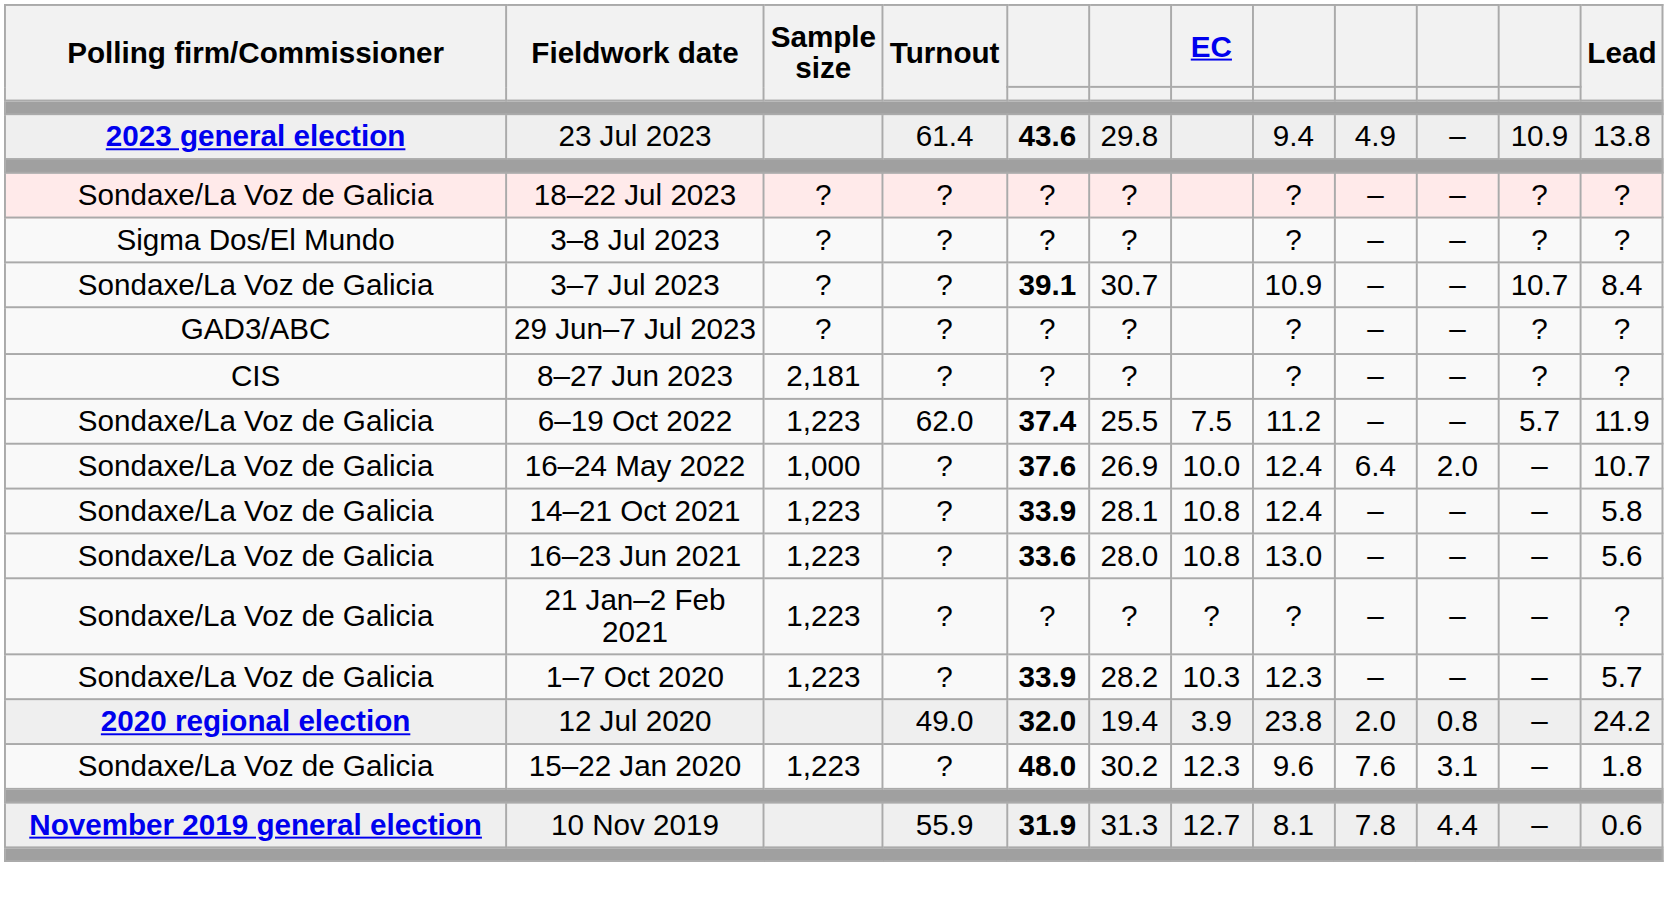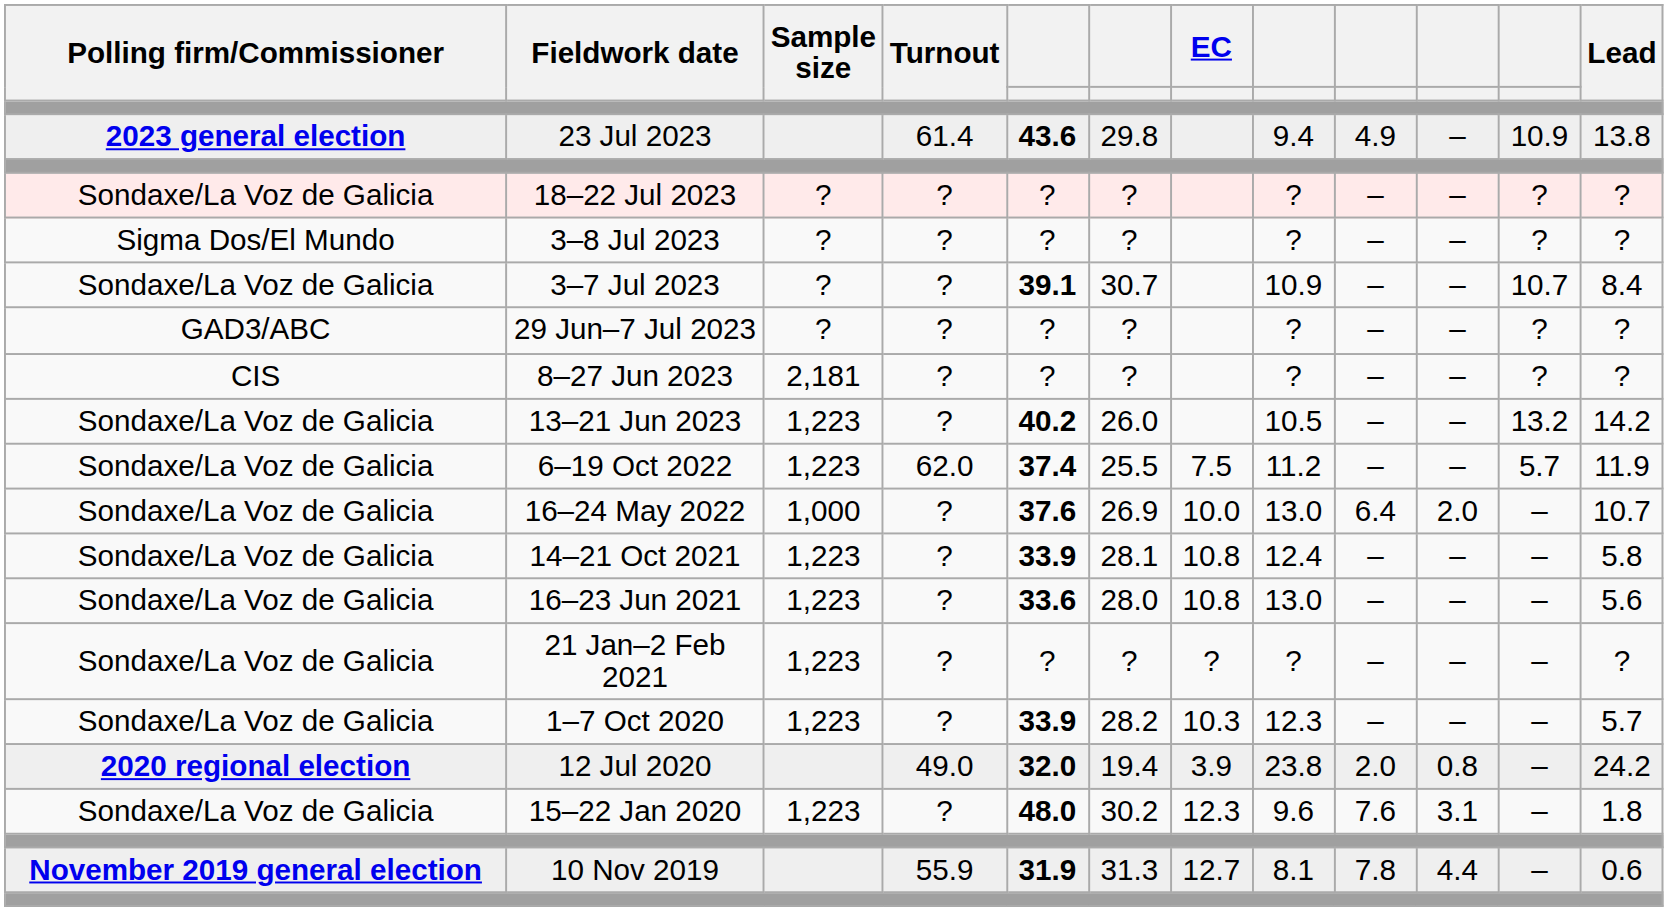 <table class="wikitable collapsible collapsed" style="text-align:center; font-size:95%; line-height:16px;">
 <tr style="height:42px;">
 <th style="width:250px;" rowspan="2">Polling firm/Commissioner</th>
 <th style="width:125px;" rowspan="2">Fieldwork date</th>
 <th style="width:50px;" rowspan="2">Sample size</th>
 <th style="width:45px;" rowspan="2">Turnout</th>
 <th style="width:35px;"></th>
 <th style="width:35px;"></th>
 <th style="width:35px;"><a href='#'>EC</a></th>
 <th style="width:35px;"></th>
 <th style="width:35px;"></th>
 <th style="width:35px;"></th>
 <th style="width:35px;"></th>
 <th style="width:30px;" rowspan="2">Lead</th>
 </tr>
 <tr>
 <th style="color:inherit;background:"></th>
 <th style="color:inherit;background:"></th>
 <th style="color:inherit;background:"></th>
 <th style="color:inherit;background:"></th>
 <th style="color:inherit;background:"></th>
 <th style="color:inherit;background:"></th>
 <th style="color:inherit;background:"></th>
 </tr>
 <tr>
 <td colspan="12" style="background:#A0A0A0"></td>
 </tr>
 <tr style="background:#EFEFEF;">
 <td><strong><a href='#'>2023 general election</a></strong></td>
 <td>23 Jul 2023</td>
 <td></td>
 <td>61.4</td>
 <td><strong>43.6</strong><br></td>
 <td>29.8<br></td>
 <td></td>
 <td>9.4<br></td>
 <td>4.9<br></td>
 <td>–</td>
 <td>10.9<br></td>
 <td style="background:">13.8</td>
 </tr>
 <tr>
 <td colspan="12" style="background:#A0A0A0"></td>
 </tr>
 <tr style="background:#FFEAEA;">
 <td>Sondaxe/La Voz de Galicia</td>
 <td>18–22 Jul 2023</td>
 <td>?</td>
 <td>?</td>
 <td>?<br></td>
 <td>?<br></td>
 <td></td>
 <td>?<br></td>
 <td>–</td>
 <td>–</td>
 <td>?<br></td>
 <td style="background:">?</td>
 </tr>
 <tr>
 <td>Sigma Dos/El Mundo</td>
 <td>3–8 Jul 2023</td>
 <td>?</td>
 <td>?</td>
 <td>?<br></td>
 <td>?<br></td>
 <td></td>
 <td>?<br></td>
 <td>–</td>
 <td>–</td>
 <td>?<br></td>
 <td style="background:">?</td>
 </tr>
 <tr>
 <td>Sondaxe/La Voz de Galicia</td>
 <td>3–7 Jul 2023</td>
 <td>?</td>
 <td>?</td>
 <td><strong>39.1</strong><br></td>
 <td>30.7<br></td>
 <td></td>
 <td>10.9<br></td>
 <td>–</td>
 <td>–</td>
 <td>10.7<br></td>
 <td style="background:">8.4</td>
 </tr>
 <tr>
 <td>GAD3/ABC</td>
 <td>29 Jun–7 Jul 2023</td>
 <td>?</td>
 <td>?</td>
 <td>?<br></td>
 <td>?<br></td>
 <td></td>
 <td>?<br></td>
 <td>–</td>
 <td>–</td>
 <td>?<br></td>
 <td style="background:">?</td>
 </tr>
 <tr>
 <td>CIS</td>
 <td>8–27 Jun 2023</td>
 <td>2,181</td>
 <td>?</td>
 <td>?<br></td>
 <td>?<br></td>
 <td></td>
 <td>?<br></td>
 <td>–</td>
 <td>–</td>
 <td>?<br></td>
 <td style="background:">?</td>
 </tr>
 <tr>
 <td>Sondaxe/La Voz de Galicia</td>
+<td>13–21 Jun 2023</td>
+<td>1,223</td>
+<td>?</td>
+<td><strong>40.2</strong><br></td>
+<td>26.0<br></td>
+<td></td>
+<td>10.5<br></td>
+<td>–</td>
+<td>–</td>
+<td>13.2<br></td>
+<td style="background:">14.2</td>
+</tr>
+<tr>
+<td>Sondaxe/La Voz de Galicia</td>
 <td>6–19 Oct 2022</td>
 <td>1,223</td>
 <td>62.0</td>
 <td><strong>37.4</strong><br></td>
 <td>25.5<br></td>
 <td>7.5<br></td>
 <td>11.2<br></td>
 <td>–</td>
 <td>–</td>
 <td>5.7<br></td>
 <td style="background:">11.9</td>
 </tr>
 <tr>
 <td>Sondaxe/La Voz de Galicia</td>
 <td>16–24 May 2022</td>
 <td>1,000</td>
 <td>?</td>
 <td><strong>37.6</strong><br></td>
 <td>26.9<br></td>
 <td>10.0<br></td>
-<td>12.4<br></td>
+<td>13.0<br></td>
 <td>6.4<br></td>
 <td>2.0<br></td>
 <td>–</td>
 <td style="background:">10.7</td>
 </tr>
 <tr>
 <td>Sondaxe/La Voz de Galicia</td>
 <td>14–21 Oct 2021</td>
 <td>1,223</td>
 <td>?</td>
 <td><strong>33.9</strong><br></td>
 <td>28.1<br></td>
 <td>10.8<br></td>
 <td>12.4<br></td>
 <td>–</td>
 <td>–</td>
 <td>–</td>
 <td style="background:">5.8</td>
 </tr>
 <tr>
 <td>Sondaxe/La Voz de Galicia</td>
 <td>16–23 Jun 2021</td>
 <td>1,223</td>
 <td>?</td>
 <td><strong>33.6</strong><br></td>
 <td>28.0<br></td>
 <td>10.8<br></td>
 <td>13.0<br></td>
 <td>–</td>
 <td>–</td>
 <td>–</td>
 <td style="background:">5.6</td>
 </tr>
 <tr>
 <td>Sondaxe/La Voz de Galicia</td>
 <td>21 Jan–2 Feb 2021</td>
 <td>1,223</td>
 <td>?</td>
 <td>?<br></td>
 <td>?<br></td>
 <td>?<br></td>
 <td>?<br></td>
 <td>–</td>
 <td>–</td>
 <td>–</td>
 <td style="background:">?</td>
 </tr>
 <tr>
 <td>Sondaxe/La Voz de Galicia</td>
 <td>1–7 Oct 2020</td>
 <td>1,223</td>
 <td>?</td>
 <td><strong>33.9</strong><br></td>
 <td>28.2<br></td>
 <td>10.3<br></td>
 <td>12.3<br></td>
 <td>–</td>
 <td>–</td>
 <td>–</td>
 <td style="background:">5.7</td>
 </tr>
 <tr style="background:#EFEFEF;">
 <td><strong><a href='#'>2020 regional election</a></strong></td>
 <td>12 Jul 2020</td>
 <td></td>
 <td>49.0</td>
 <td><strong>32.0</strong><br></td>
 <td>19.4<br></td>
 <td>3.9<br></td>
 <td>23.8<br></td>
 <td>2.0<br></td>
 <td>0.8<br></td>
 <td>–</td>
 <td style="background:">24.2</td>
 </tr>
 <tr>
 <td>Sondaxe/La Voz de Galicia</td>
 <td>15–22 Jan 2020</td>
 <td>1,223</td>
 <td>?</td>
 <td><strong>48.0</strong><br></td>
 <td>30.2<br></td>
 <td>12.3<br></td>
 <td>9.6<br></td>
 <td>7.6<br></td>
 <td>3.1<br></td>
 <td>–</td>
 <td style="background:">1.8</td>
 </tr>
 <tr>
 <td colspan="12" style="background:#A0A0A0"></td>
 </tr>
 <tr style="background:#EFEFEF;">
 <td><strong><a href='#'>November 2019 general election</a></strong></td>
 <td>10 Nov 2019</td>
 <td></td>
 <td>55.9</td>
 <td><strong>31.9</strong><br></td>
 <td>31.3<br></td>
 <td>12.7<br></td>
 <td>8.1<br></td>
 <td>7.8<br></td>
 <td>4.4<br></td>
 <td>–</td>
 <td style="background:">0.6</td>
 </tr>
 <tr>
 <td colspan="12" style="background:#A0A0A0"></td>
 </tr>
 </table>
